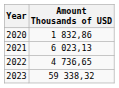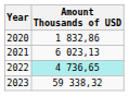 <table class="wikitable" style="text-align:center;">
 <tr>
 <th>Year</th>
 <th>Amount<br>Thousands of USD</th>
 </tr>
 <tr>
 <td>2020</td>
 <td>1 832,86</td>
 </tr>
 <tr>
 <td>2021</td>
 <td>6 023,13 </td>
 </tr>
 <tr>
 <td>2022</td>
-<td>4 736,65 </td>
+<td style="background: paleturquoise;">4 736,65 </td>
 </tr>
 <tr>
 <td>2023</td>
 <td>59 338,32 </td>
 </tr>
 </table>
